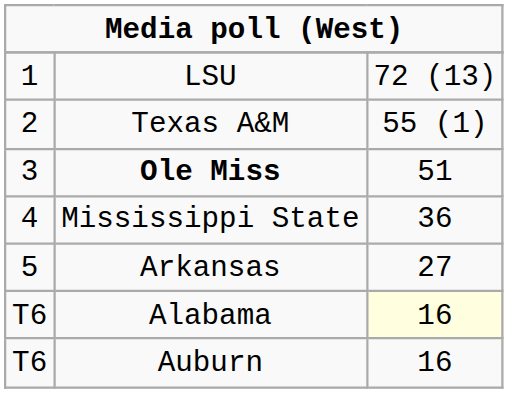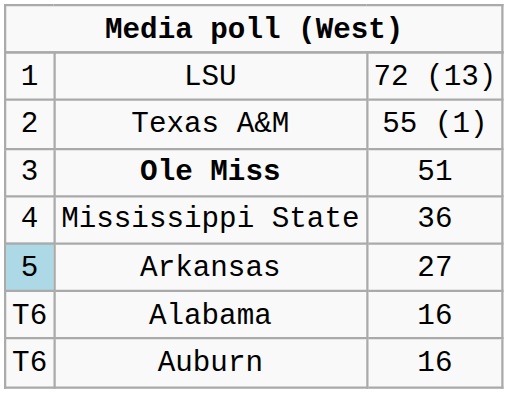 <table class="wikitable">
 <tr>
 <td colspan="3" align="center"><strong>Media poll (West)</strong></td>
 </tr>
 <tr align="center">
 </tr>
 <tr align="center">
 <td>1</td>
 <td>LSU</td>
 <td>72 (13)</td>
 </tr>
 <tr align="center">
 <td>2</td>
 <td>Texas A&M</td>
 <td>55 (1)</td>
 </tr>
 <tr align="center">
 <td>3</td>
 <td><strong>Ole Miss</strong></td>
 <td>51</td>
 </tr>
 <tr align="center">
 <td>4</td>
 <td>Mississippi State</td>
 <td>36</td>
 </tr>
 <tr align="center">
-<td>5</td>
+<td style="background: lightblue;">5</td>
 <td>Arkansas</td>
 <td>27</td>
 </tr>
 <tr align="center">
 <td>T6</td>
 <td>Alabama</td>
-<td style="background: lightyellow;">16</td>
+<td>16</td>
 </tr>
 <tr align="center">
 <td>T6</td>
 <td>Auburn</td>
 <td>16</td>
 </tr>
 </table>
